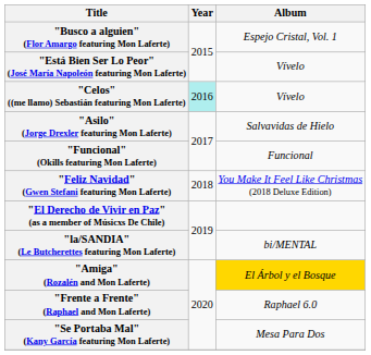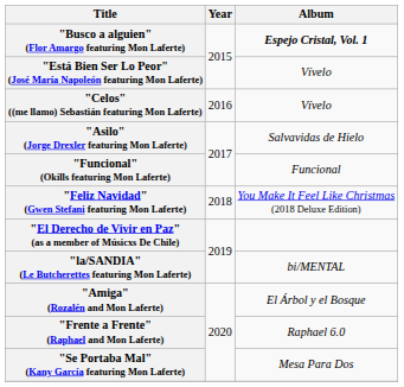 <table class="wikitable plainrowheaders" style="text-align:center;">
 <tr>
 <th scope="col">Title</th>
 <th scope="col">Year</th>
 <th scope="col">Album</th>
 </tr>
 <tr>
 <th scope="row">"Busco a alguien"<br><small>(<a href='#'>Flor Amargo</a> featuring Mon Laferte)</small></th>
 <td rowspan=2>2015</td>
-<td><em>Espejo Cristal, Vol. 1</em></td>
+<td><strong><em>Espejo Cristal, Vol. 1</em></strong></td>
 </tr>
 <tr>
 <th scope="row">"Está Bien Ser Lo Peor"<br><small>(<a href='#'>José María Napoleón</a> featuring Mon Laferte)</small></th>
 <td><em>Vívelo</em></td>
 </tr>
 <tr>
 <th scope="row">"Celos"<br><small>((me llamo) Sebastián featuring Mon Laferte)</small></th>
-<td style="background: paleturquoise;">2016</td>
+<td>2016</td>
 <td><em>Vívelo</em></td>
 </tr>
 <tr>
 <th scope="row">"Asilo"<br><small>(<a href='#'>Jorge Drexler</a> featuring Mon Laferte)</small></th>
 <td rowspan=2>2017</td>
 <td><em>Salvavidas de Hielo</em></td>
 </tr>
 <tr>
 <th scope="row">"Funcional"<br><small>(Okills featuring Mon Laferte)</small></th>
 <td><em>Funcional</em></td>
 </tr>
 <tr>
 <th scope="row">"<a href='#'>Feliz Navidad</a>"<br><small>(<a href='#'>Gwen Stefani</a> featuring Mon Laferte)</small></th>
 <td>2018</td>
 <td><em><a href='#'>You Make It Feel Like Christmas</a></em><br><small>(2018 Deluxe Edition)</small></td>
 </tr>
 <tr>
 <th scope="row">"<a href='#'>El Derecho de Vivir en Paz</a>"<br><small>(as a member of Músicxs De Chile)</small></th>
 <td rowspan=2>2019</td>
 <td></td>
 </tr>
 <tr>
 <th scope="row">"la/SANDIA"<br><small>(<a href='#'>Le Butcherettes</a> featuring Mon Laferte)</small></th>
 <td><em>bi/MENTAL</em></td>
 </tr>
 <tr>
 <th scope="row">"Amiga"<br><small>(<a href='#'>Rozalén</a> and Mon Laferte)</small></th>
 <td rowspan=3>2020</td>
-<td style="background: gold;"><em>El Árbol y el Bosque</em></td>
+<td><em>El Árbol y el Bosque</em></td>
 </tr>
 <tr>
 <th scope="row">"Frente a Frente"<br><small>(<a href='#'>Raphael</a> and Mon Laferte)</small></th>
 <td><em>Raphael 6.0</em></td>
 </tr>
 <tr>
 <th scope="row">"Se Portaba Mal"<br><small>(<a href='#'>Kany García</a> featuring Mon Laferte)</small></th>
 <td><em>Mesa Para Dos</em></td>
 </tr>
 <tr>
 </tr>
 </table>
